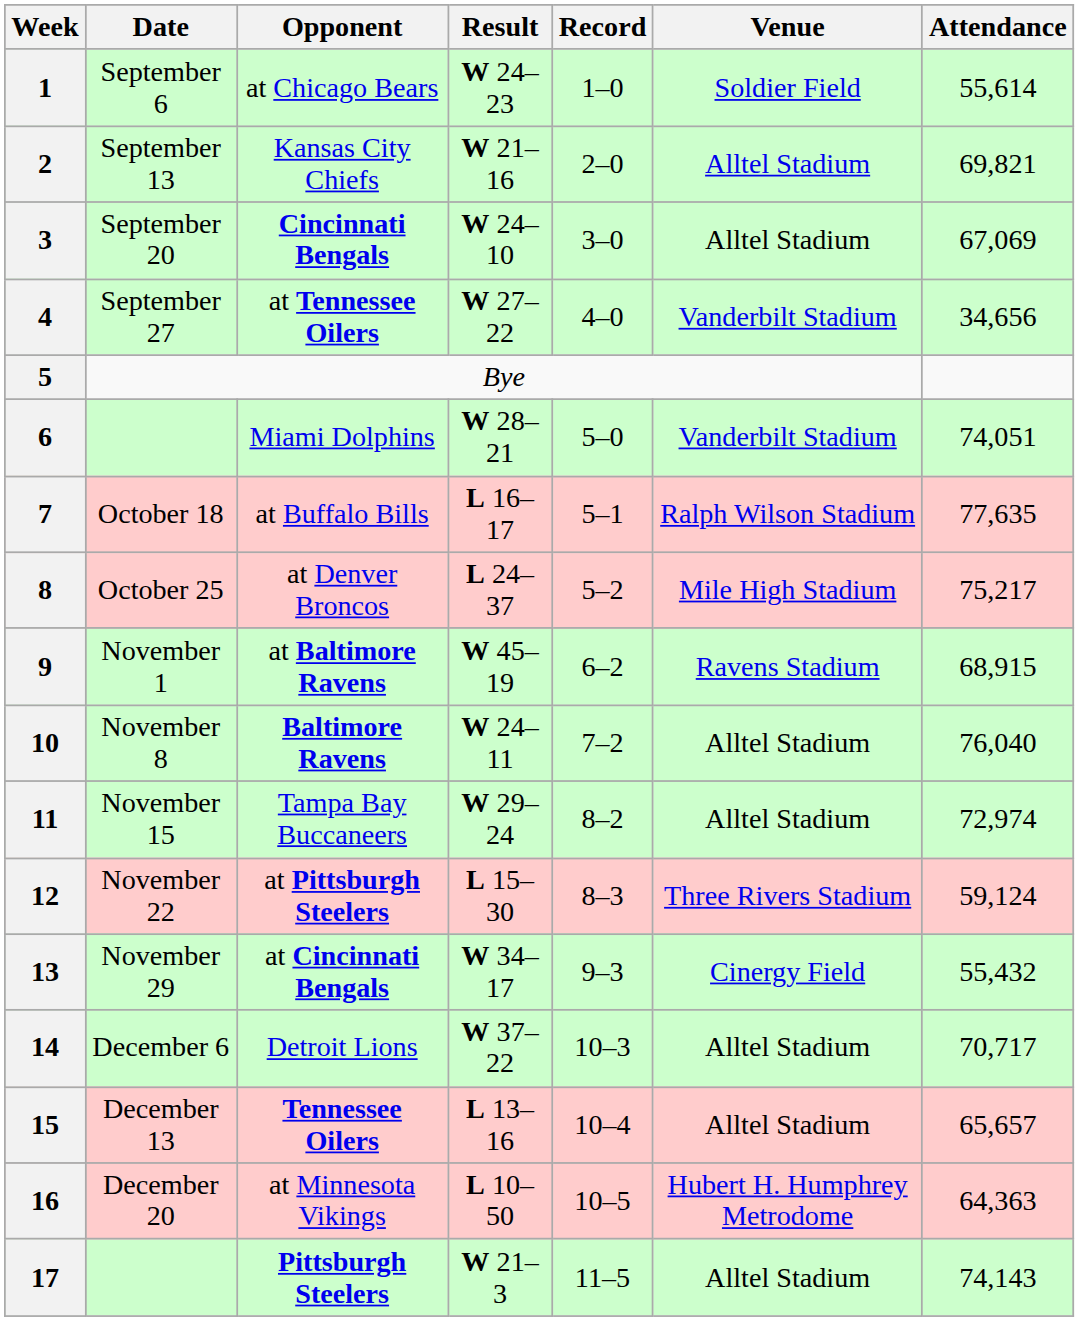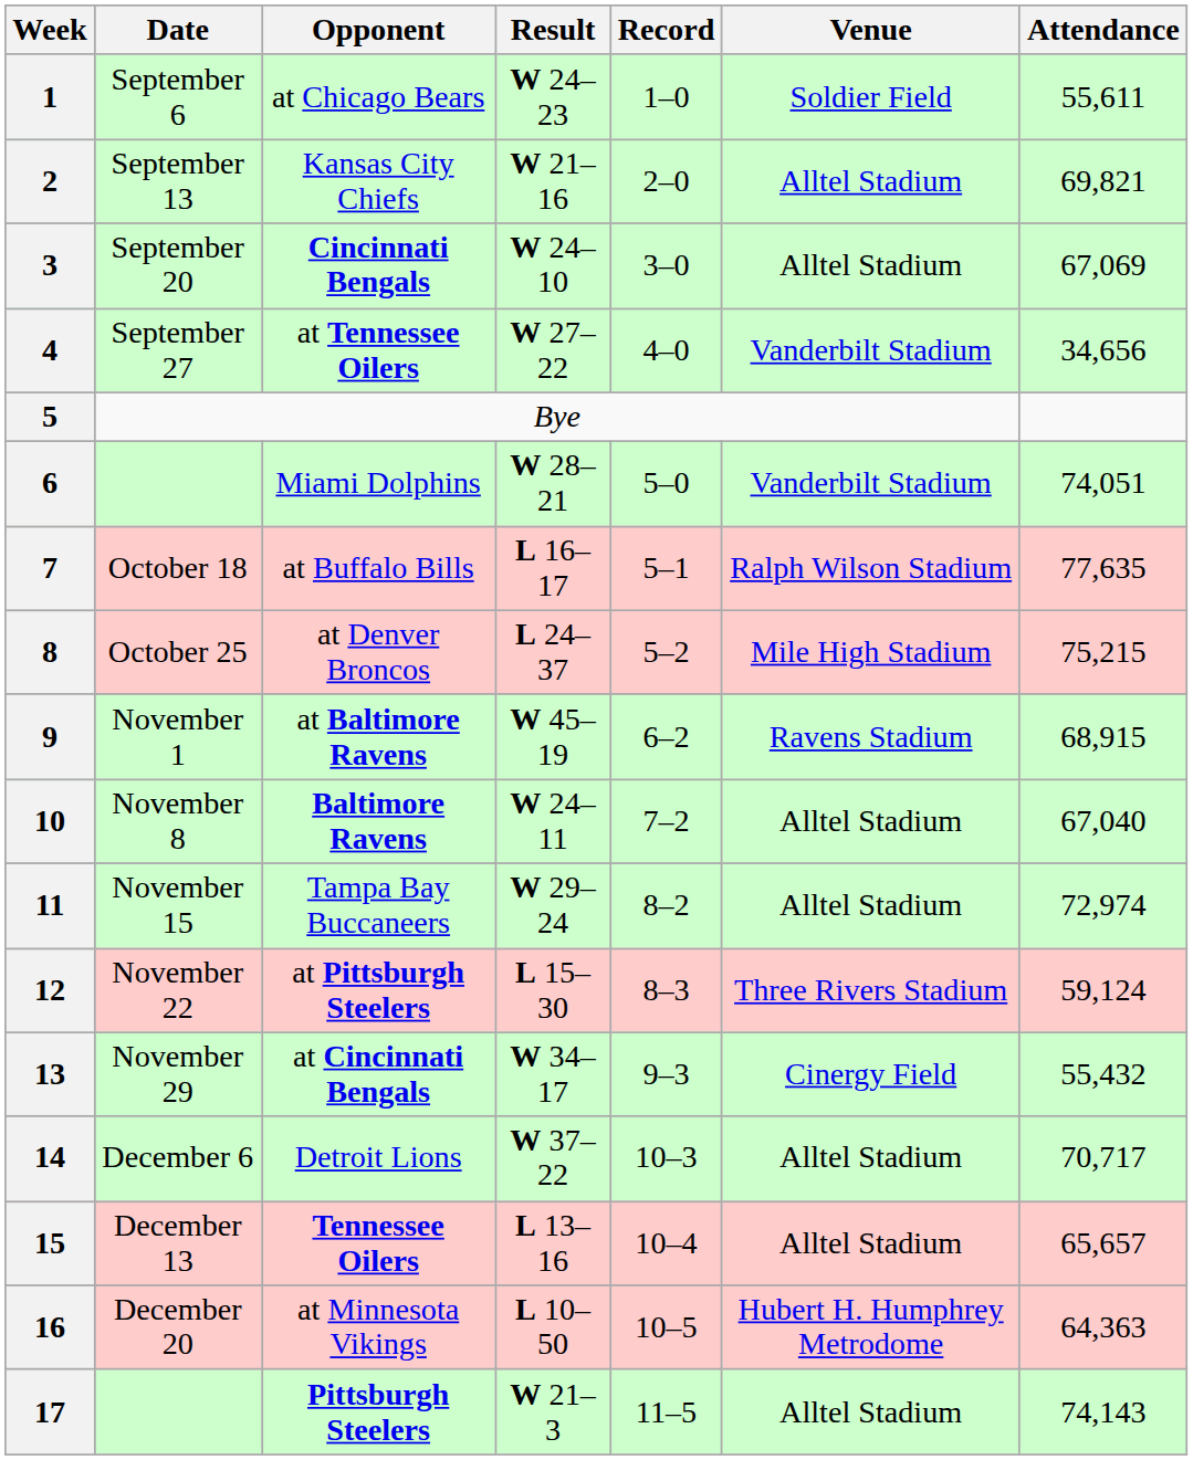 <table class="wikitable" style="text-align:center">
 <tr>
 <th>Week</th>
 <th>Date</th>
 <th>Opponent</th>
 <th>Result</th>
 <th>Record</th>
 <th>Venue</th>
 <th>Attendance</th>
 </tr>
 <tr style="background:#cfc">
 <th>1</th>
 <td>September 6</td>
 <td>at <a href='#'>Chicago Bears</a></td>
 <td><strong>W</strong> 24–23</td>
 <td>1–0</td>
 <td><a href='#'>Soldier Field</a></td>
-<td>55,614</td>
+<td>55,611</td>
 </tr>
 <tr style="background:#cfc">
 <th>2</th>
 <td>September 13</td>
 <td><a href='#'>Kansas City Chiefs</a></td>
 <td><strong>W</strong> 21–16</td>
 <td>2–0</td>
 <td><a href='#'>Alltel Stadium</a></td>
 <td>69,821</td>
 </tr>
 <tr style="background:#cfc">
 <th>3</th>
 <td>September 20</td>
 <td><strong><a href='#'>Cincinnati Bengals</a></strong></td>
 <td><strong>W</strong> 24–10</td>
 <td>3–0</td>
 <td>Alltel Stadium</td>
 <td>67,069</td>
 </tr>
 <tr style="background:#cfc">
 <th>4</th>
 <td>September 27</td>
 <td>at <strong><a href='#'>Tennessee Oilers</a></strong></td>
 <td><strong>W</strong> 27–22</td>
 <td>4–0</td>
 <td><a href='#'>Vanderbilt Stadium</a></td>
 <td>34,656</td>
 </tr>
 <tr>
 <th>5</th>
 <td colspan="5"><em>Bye</em></td>
 </tr>
 <tr style="background:#cfc">
 <th>6</th>
 <td></td>
 <td><a href='#'>Miami Dolphins</a></td>
 <td><strong>W</strong> 28–21</td>
 <td>5–0</td>
 <td><a href='#'>Vanderbilt Stadium</a></td>
 <td>74,051</td>
 </tr>
 <tr style="background:#fcc">
 <th>7</th>
 <td>October 18</td>
 <td>at <a href='#'>Buffalo Bills</a></td>
 <td><strong>L</strong> 16–17</td>
 <td>5–1</td>
 <td><a href='#'>Ralph Wilson Stadium</a></td>
 <td>77,635</td>
 </tr>
 <tr style="background:#fcc">
 <th>8</th>
 <td>October 25</td>
 <td>at <a href='#'>Denver Broncos</a></td>
 <td><strong>L</strong> 24–37</td>
 <td>5–2</td>
 <td><a href='#'>Mile High Stadium</a></td>
-<td>75,217</td>
+<td>75,215</td>
 </tr>
 <tr style="background:#cfc">
 <th>9</th>
 <td>November 1</td>
 <td>at <strong><a href='#'>Baltimore Ravens</a></strong></td>
 <td><strong>W</strong> 45–19</td>
 <td>6–2</td>
 <td><a href='#'>Ravens Stadium</a></td>
 <td>68,915</td>
 </tr>
 <tr style="background:#cfc">
 <th>10</th>
 <td>November 8</td>
 <td><strong><a href='#'>Baltimore Ravens</a></strong></td>
 <td><strong>W</strong> 24–11</td>
 <td>7–2</td>
 <td>Alltel Stadium</td>
-<td>76,040</td>
+<td>67,040</td>
 </tr>
 <tr style="background:#cfc">
 <th>11</th>
 <td>November 15</td>
 <td><a href='#'>Tampa Bay Buccaneers</a></td>
 <td><strong>W</strong> 29–24</td>
 <td>8–2</td>
 <td>Alltel Stadium</td>
 <td>72,974</td>
 </tr>
 <tr style="background:#fcc">
 <th>12</th>
 <td>November 22</td>
 <td>at <strong><a href='#'>Pittsburgh Steelers</a></strong></td>
 <td><strong>L</strong> 15–30</td>
 <td>8–3</td>
 <td><a href='#'>Three Rivers Stadium</a></td>
 <td>59,124</td>
 </tr>
 <tr style="background:#cfc">
 <th>13</th>
 <td>November 29</td>
 <td>at <strong><a href='#'>Cincinnati Bengals</a></strong></td>
 <td><strong>W</strong> 34–17</td>
 <td>9–3</td>
 <td><a href='#'>Cinergy Field</a></td>
 <td>55,432</td>
 </tr>
 <tr style="background:#cfc">
 <th>14</th>
 <td>December 6</td>
 <td><a href='#'>Detroit Lions</a></td>
 <td><strong>W</strong> 37–22</td>
 <td>10–3</td>
 <td>Alltel Stadium</td>
 <td>70,717</td>
 </tr>
 <tr style="background:#fcc">
 <th>15</th>
 <td>December 13</td>
 <td><strong><a href='#'>Tennessee Oilers</a></strong></td>
 <td><strong>L</strong> 13–16</td>
 <td>10–4</td>
 <td>Alltel Stadium</td>
 <td>65,657</td>
 </tr>
 <tr style="background:#fcc">
 <th>16</th>
 <td>December 20</td>
 <td>at <a href='#'>Minnesota Vikings</a></td>
 <td><strong>L</strong> 10–50</td>
 <td>10–5</td>
 <td><a href='#'>Hubert H. Humphrey Metrodome</a></td>
 <td>64,363</td>
 </tr>
 <tr style="background:#cfc">
 <th>17</th>
 <td></td>
 <td><strong><a href='#'>Pittsburgh Steelers</a></strong></td>
 <td><strong>W</strong> 21–3</td>
 <td>11–5</td>
 <td>Alltel Stadium</td>
 <td>74,143</td>
 </tr>
 </table>
